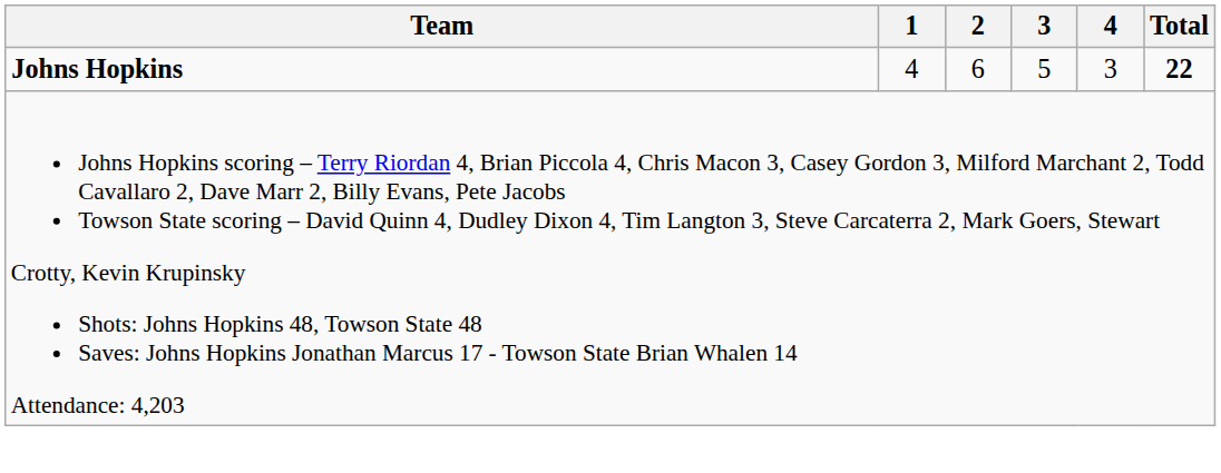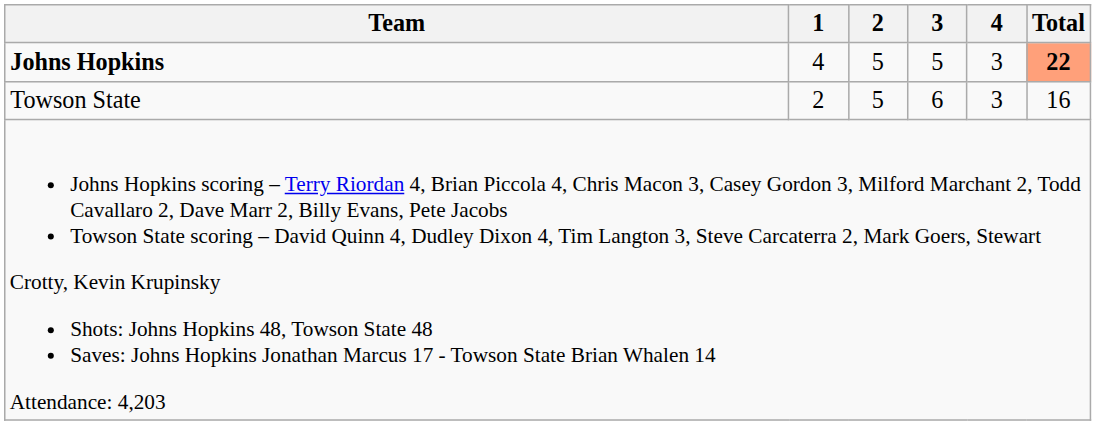 <table class="wikitable" style="text-align:center; max-width:45em">
 <tr>
 <th>Team</th>
 <th style="width:2em">1</th>
 <th style="width:2em">2</th>
 <th style="width:2em">3</th>
 <th style="width:2em">4</th>
 <th style="width:2em">Total</th>
 </tr>
 <tr>
 <td style="text-align:left"><strong>Johns Hopkins</strong></td>
 <td>4</td>
-<td>6</td>
+<td>5</td>
 <td>5</td>
 <td>3</td>
-<td><strong>22</strong></td>
+<td style="background: lightsalmon;"><strong>22</strong></td>
+</tr>
+<tr>
+<td style="text-align:left">Towson State</td>
+<td>2</td>
+<td>5</td>
+<td>6</td>
+<td>3</td>
+<td>16</td>
 </tr>
 <tr>
 <td colspan=6 style="text-align:left; font-size:88%;"><br><ul><li>Johns Hopkins scoring – <a href='#'>Terry Riordan</a> 4, Brian Piccola 4, Chris Macon 3, Casey Gordon 3, Milford Marchant 2, Todd Cavallaro 2, Dave Marr 2, Billy Evans, Pete Jacobs</li><li>Towson State scoring – David Quinn 4, Dudley Dixon 4, Tim Langton 3, Steve Carcaterra 2, Mark Goers, Stewart</li></ul>Crotty, Kevin Krupinsky<ul><li>Shots: Johns Hopkins 48, Towson State 48</li><li>Saves: Johns Hopkins Jonathan Marcus 17 - Towson State Brian Whalen 14</li></ul>Attendance: 4,203 </td>
 </tr>
 </table>
